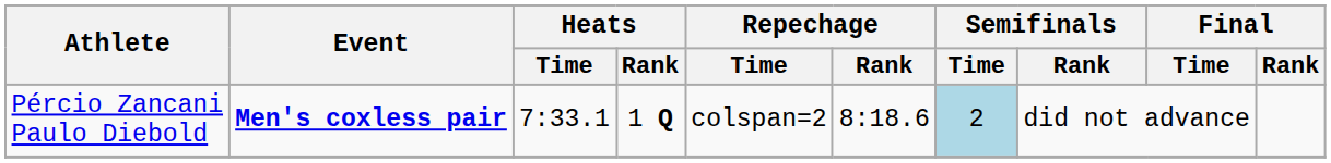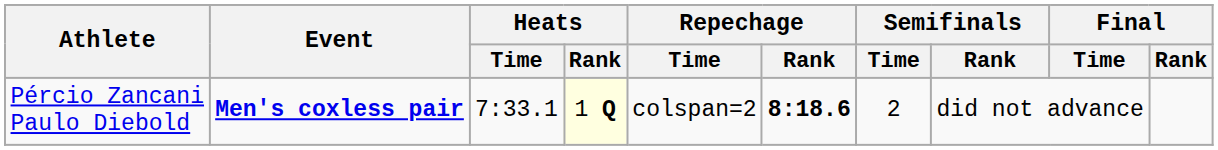 <table class="wikitable" style="font-size:90%">
 <tr>
 <th rowspan="2">Athlete</th>
 <th rowspan="2">Event</th>
 <th colspan="2">Heats</th>
 <th colspan="2">Repechage</th>
 <th colspan="2">Semifinals</th>
 <th colspan="2">Final</th>
 </tr>
 <tr style="font-size:95%">
 <th>Time</th>
 <th>Rank</th>
 <th>Time</th>
 <th>Rank</th>
 <th>Time</th>
 <th>Rank</th>
 <th>Time</th>
 <th>Rank</th>
 </tr>
 <tr align=center>
 <td align=left><a href='#'>Pércio Zancani</a><br><a href='#'>Paulo Diebold</a></td>
 <td align=left><strong><a href='#'>Men's coxless pair</a></strong></td>
 <td>7:33.1</td>
-<td>1 <strong>Q</strong></td>
+<td style="background: lightyellow;">1 <strong>Q</strong></td>
 <td>colspan=2 </td>
-<td>8:18.6</td>
-<td style="background: lightblue;">2</td>
+<td><strong>8:18.6</strong></td>
+<td>2</td>
 <td colspan="2"  align="center">did not advance</td>
 </tr>
 </table>
